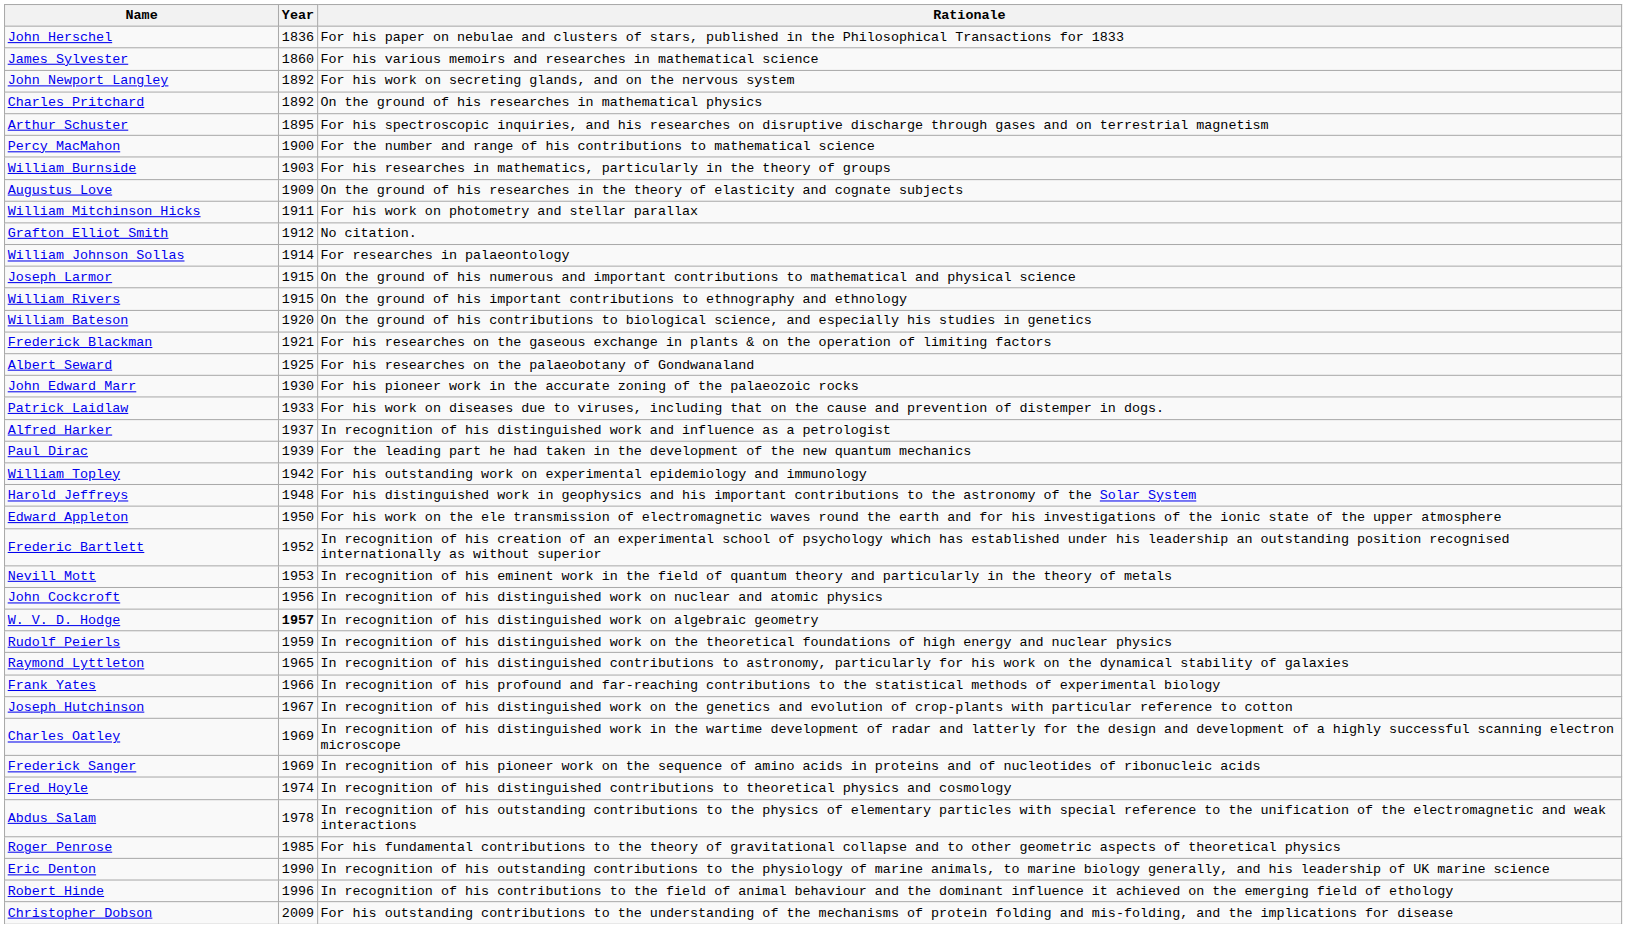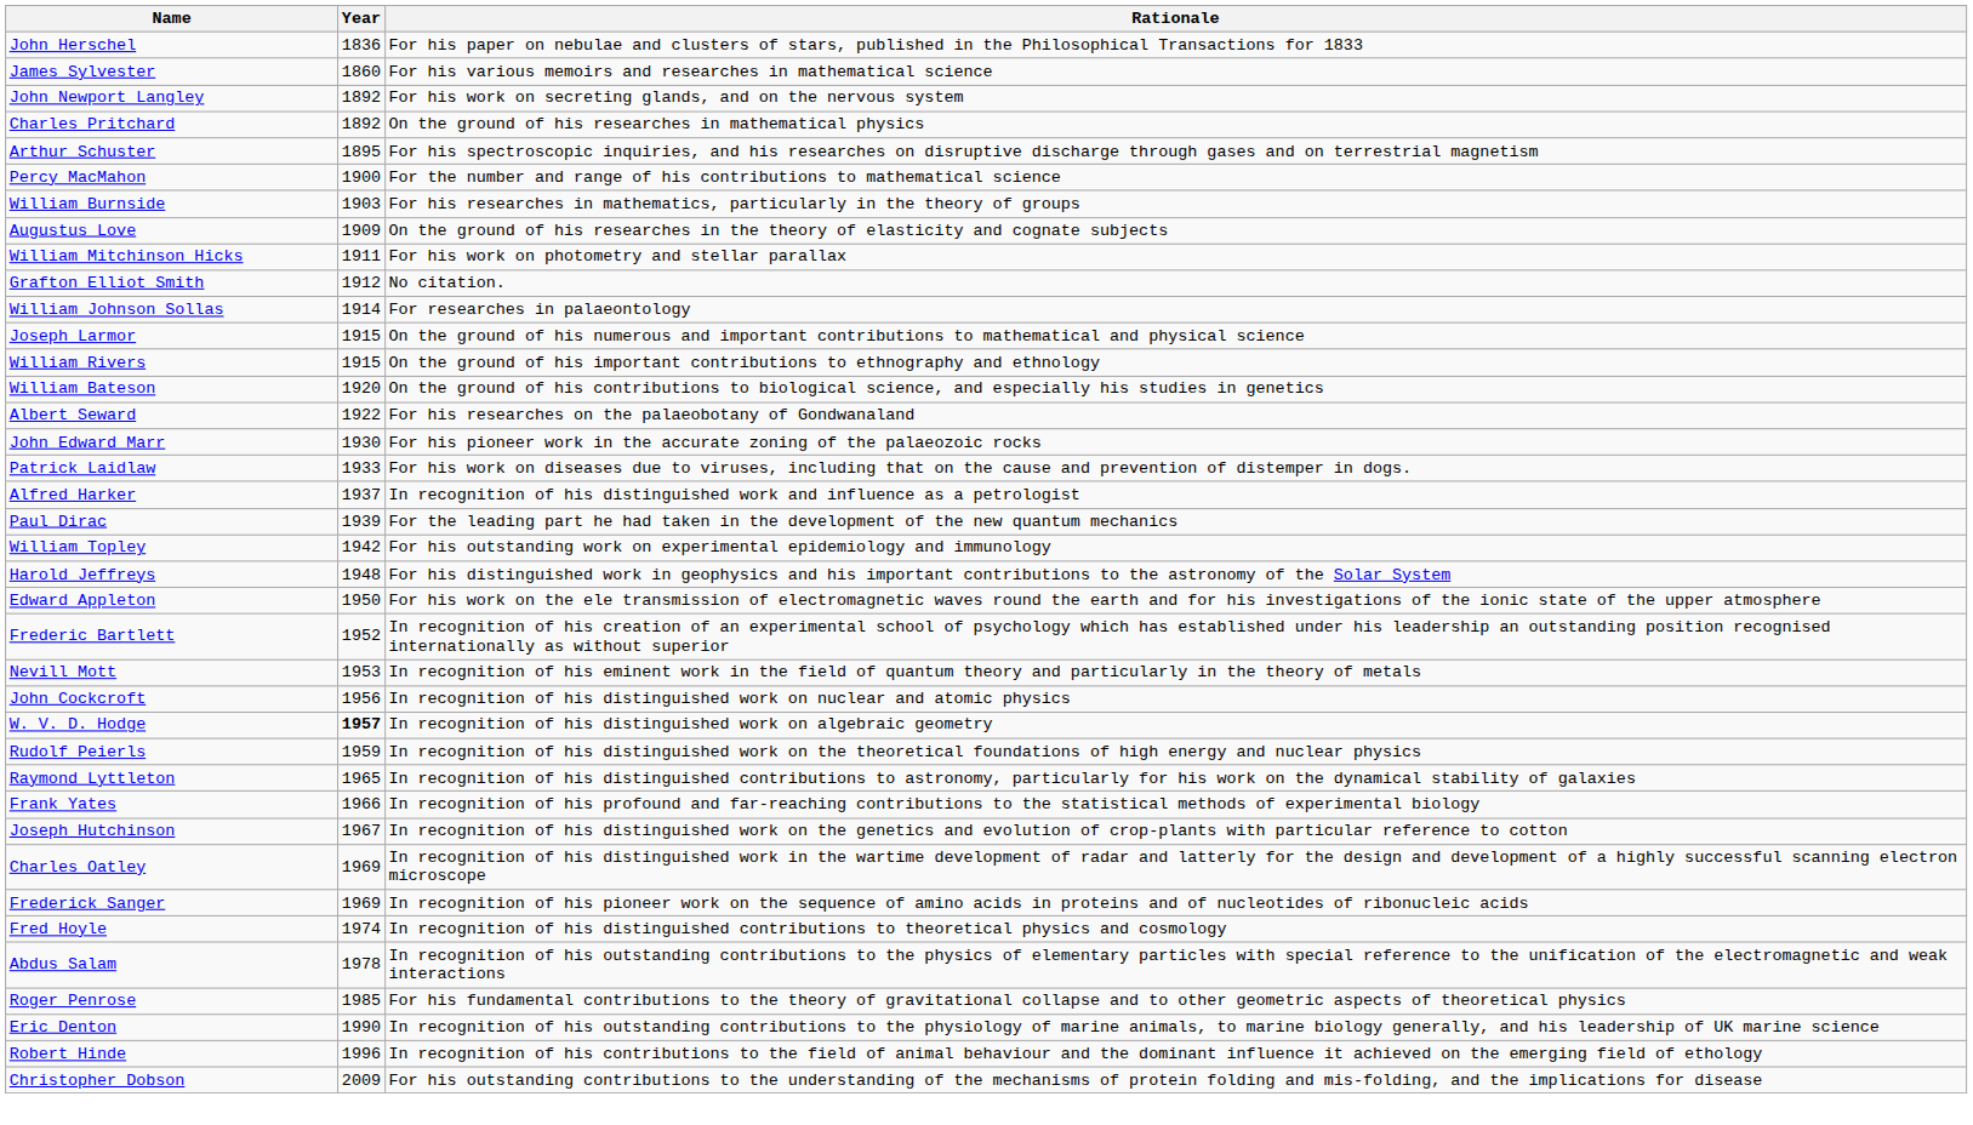 <table class="wikitable" style="align:left;">
 <tr>
 <th style="width:260px;">Name</th>
 <th>Year</th>
 <th>Rationale</th>
 </tr>
 <tr>
 <td><a href='#'>John Herschel</a></td>
 <td>1836</td>
 <td>For his paper on nebulae and clusters of stars, published in the Philosophical Transactions for 1833</td>
 </tr>
 <tr>
 <td><a href='#'>James Sylvester</a></td>
 <td>1860</td>
 <td>For his various memoirs and researches in mathematical science</td>
 </tr>
 <tr>
 <td><a href='#'>John Newport Langley</a></td>
 <td>1892</td>
 <td>For his work on secreting glands, and on the nervous system</td>
 </tr>
 <tr>
 <td><a href='#'>Charles Pritchard</a></td>
 <td>1892</td>
 <td>On the ground of his researches in mathematical physics</td>
 </tr>
 <tr>
 <td><a href='#'>Arthur Schuster</a></td>
 <td>1895</td>
 <td>For his spectroscopic inquiries, and his researches on disruptive discharge through gases and on terrestrial magnetism</td>
 </tr>
 <tr>
 <td><a href='#'>Percy MacMahon</a></td>
 <td>1900</td>
 <td>For the number and range of his contributions to mathematical science</td>
 </tr>
 <tr>
 <td><a href='#'>William Burnside</a></td>
 <td>1903</td>
 <td>For his researches in mathematics, particularly in the theory of groups</td>
 </tr>
 <tr>
 <td><a href='#'>Augustus Love</a></td>
 <td>1909</td>
 <td>On the ground of his researches in the theory of elasticity and cognate subjects</td>
 </tr>
 <tr>
 <td><a href='#'>William Mitchinson Hicks</a></td>
 <td>1911</td>
 <td>For his work on photometry and stellar parallax</td>
 </tr>
 <tr>
 <td><a href='#'>Grafton Elliot Smith</a></td>
 <td>1912</td>
 <td>No citation.</td>
 </tr>
 <tr>
 <td><a href='#'>William Johnson Sollas</a></td>
 <td>1914</td>
 <td>For researches in palaeontology</td>
 </tr>
 <tr>
 <td><a href='#'>Joseph Larmor</a></td>
 <td>1915</td>
 <td>On the ground of his numerous and important contributions to mathematical and physical science</td>
 </tr>
 <tr>
 <td><a href='#'>William Rivers</a></td>
 <td>1915</td>
 <td>On the ground of his important contributions to ethnography and ethnology</td>
 </tr>
 <tr>
 <td><a href='#'>William Bateson</a></td>
 <td>1920</td>
 <td>On the ground of his contributions to biological science, and especially his studies in genetics</td>
 </tr>
 <tr>
-<td><a href='#'>Frederick Blackman</a></td>
-<td>1921</td>
-<td>For his researches on the gaseous exchange in plants & on the operation of limiting factors</td>
-</tr>
-<tr>
 <td><a href='#'>Albert Seward</a></td>
-<td>1925</td>
+<td>1922</td>
 <td>For his researches on the palaeobotany of Gondwanaland</td>
 </tr>
 <tr>
 <td><a href='#'>John Edward Marr</a></td>
 <td>1930</td>
 <td>For his pioneer work in the accurate zoning of the palaeozoic rocks</td>
 </tr>
 <tr>
 <td><a href='#'>Patrick Laidlaw</a></td>
 <td>1933</td>
 <td>For his work on diseases due to viruses, including that on the cause and prevention of distemper in dogs.</td>
 </tr>
 <tr>
 <td><a href='#'>Alfred Harker</a></td>
 <td>1937</td>
 <td>In recognition of his distinguished work and influence as a petrologist</td>
 </tr>
 <tr>
 <td><a href='#'>Paul Dirac</a></td>
 <td>1939</td>
 <td>For the leading part he had taken in the development of the new quantum mechanics</td>
 </tr>
 <tr>
 <td><a href='#'>William Topley</a></td>
 <td>1942</td>
 <td>For his outstanding work on experimental epidemiology and immunology</td>
 </tr>
 <tr>
 <td><a href='#'>Harold Jeffreys</a></td>
 <td>1948</td>
 <td>For his distinguished work in geophysics and his important contributions to the astronomy of the <a href='#'>Solar System</a></td>
 </tr>
 <tr>
 <td><a href='#'>Edward Appleton</a></td>
 <td>1950</td>
 <td>For his work on the ele  transmission of electromagnetic waves round the earth and for his investigations of the ionic state of the upper atmosphere</td>
 </tr>
 <tr>
 <td><a href='#'>Frederic Bartlett</a></td>
 <td>1952</td>
 <td>In recognition of his creation of an experimental school of psychology which has established under his leadership an outstanding position recognised internationally as without superior</td>
 </tr>
 <tr>
 <td><a href='#'>Nevill Mott</a></td>
 <td>1953</td>
 <td>In recognition of his eminent work in the field of quantum theory and particularly in the theory of metals</td>
 </tr>
 <tr>
 <td><a href='#'>John Cockcroft</a></td>
 <td>1956</td>
 <td>In recognition of his distinguished work on nuclear and atomic physics</td>
 </tr>
 <tr>
 <td><a href='#'>W. V. D. Hodge</a></td>
 <td><strong>1957</strong></td>
 <td>In recognition of his distinguished work on algebraic geometry</td>
 </tr>
 <tr>
 <td><a href='#'>Rudolf Peierls</a></td>
 <td>1959</td>
 <td>In recognition of his distinguished work on the theoretical foundations of high energy and nuclear physics</td>
 </tr>
 <tr>
 <td><a href='#'>Raymond Lyttleton</a></td>
 <td>1965</td>
 <td>In recognition of his distinguished contributions to astronomy, particularly for his work on the dynamical stability of galaxies</td>
 </tr>
 <tr>
 <td><a href='#'>Frank Yates</a></td>
 <td>1966</td>
 <td>In recognition of his profound and far-reaching contributions to the statistical methods of experimental biology</td>
 </tr>
 <tr>
 <td><a href='#'>Joseph Hutchinson</a></td>
 <td>1967</td>
 <td>In recognition of his distinguished work on the genetics and evolution of crop-plants with particular reference to cotton</td>
 </tr>
 <tr>
 <td><a href='#'>Charles Oatley</a></td>
 <td>1969</td>
 <td>In recognition of his distinguished work in the wartime development of radar and latterly for the design and development of a highly successful scanning electron microscope</td>
 </tr>
 <tr>
 <td><a href='#'>Frederick Sanger</a></td>
 <td>1969</td>
 <td>In recognition of his pioneer work on the sequence of amino acids in proteins and of nucleotides of ribonucleic acids</td>
 </tr>
 <tr>
 <td><a href='#'>Fred Hoyle</a></td>
 <td>1974</td>
 <td>In recognition of his distinguished contributions to theoretical physics and cosmology</td>
 </tr>
 <tr>
 <td><a href='#'>Abdus Salam</a></td>
 <td>1978</td>
 <td>In recognition of his outstanding contributions to the physics of elementary particles with special reference to the unification of the electromagnetic and weak interactions</td>
 </tr>
 <tr>
 <td><a href='#'>Roger Penrose</a></td>
 <td>1985</td>
 <td>For his fundamental contributions to the theory of gravitational collapse and to other geometric aspects of theoretical physics</td>
 </tr>
 <tr>
 <td><a href='#'>Eric Denton</a></td>
 <td>1990</td>
 <td>In recognition of his outstanding contributions to the physiology of marine animals, to marine biology generally, and his leadership of UK marine science</td>
 </tr>
 <tr>
 <td><a href='#'>Robert Hinde</a></td>
 <td>1996</td>
 <td>In recognition of his contributions to the field of animal behaviour and the dominant influence it achieved on the emerging field of ethology</td>
 </tr>
 <tr>
 <td><a href='#'>Christopher Dobson</a></td>
 <td>2009</td>
 <td>For his outstanding contributions to the understanding of the mechanisms of protein folding and mis-folding, and the implications for disease</td>
 </tr>
 </table>
